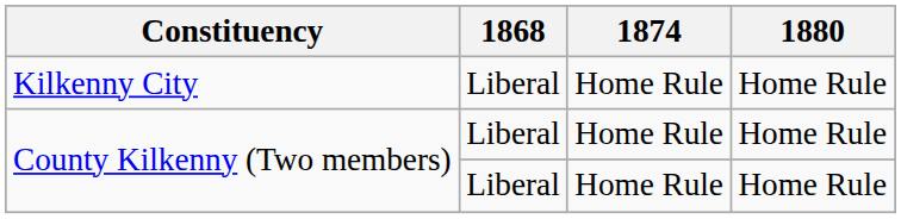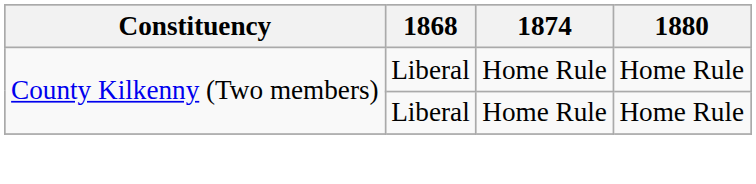 <table class="wikitable">
 <tr>
 <th>Constituency</th>
 <th>1868</th>
 <th>1874</th>
 <th>1880</th>
-</tr>
-<tr>
-<td><a href='#'>Kilkenny City</a></td>
-<td>Liberal</td>
-<td>Home Rule</td>
-<td>Home Rule</td>
 </tr>
 <tr>
 <td rowspan="2"><a href='#'>County Kilkenny</a> (Two members)</td>
 <td>Liberal</td>
 <td>Home Rule</td>
 <td>Home Rule</td>
 </tr>
 <tr>
 <td>Liberal</td>
 <td>Home Rule</td>
 <td>Home Rule</td>
 </tr>
 </table>
